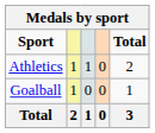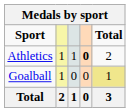 <table class="wikitable" border="1" style="font-size:85%; float:down">
 <tr bgcolor=#efefef>
 <th colspan=7>Medals by sport</th>
 </tr>
 <tr align=center>
 <td><strong>Sport</strong></td>
 <td bgcolor=#f7f6a8></td>
 <td bgcolor=#dce5e5></td>
 <td bgcolor=#ffdab9></td>
 <td><strong>Total</strong></td>
 </tr>
 <tr align=center>
 <td><a href='#'>Athletics</a></td>
 <td bgcolor=#f7f6a8>1</td>
 <td bgcolor=#dce5e5>1</td>
-<td bgcolor=#ffdab9>0</td>
+<td bgcolor=#ffdab9><strong>0</strong></td>
 <td>2</td>
 </tr>
 <tr align=center>
 <td><a href='#'>Goalball</a></td>
 <td bgcolor=#f7f6a8>1</td>
 <td bgcolor=#dce5e5>0</td>
 <td bgcolor=#ffdab9>0</td>
-<td>1</td>
+<td style="background: khaki;">1</td>
 </tr>
 <tr align=center>
 <th>Total</th>
 <th bgcolor=gold>2</th>
 <th bgcolor=silver>1</th>
 <th bgcolor=#c96>0</th>
 <th>3</th>
 </tr>
 </table>
